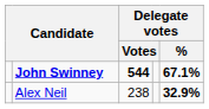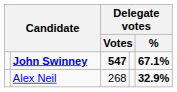 <table class=wikitable style="font-size:95%;">
 <tr>
 <th colspan="2" scope="col" rowspan="2" width="125">Candidate</th>
 <th scope="col" colspan="3" width="75">Delegate votes</th>
 </tr>
 <tr>
 <th scope="col" colspan="2">Votes</th>
 <th>%</th>
 </tr>
 <tr align="right">
 <td style="background-color: "></td>
 <td scope="row" align="left"><strong><a href='#'>John Swinney</a></strong> </td>
-<td><strong>544</strong></td>
+<td><strong>547</strong></td>
 <td align=center></td>
 <td><strong>67.1%</strong></td>
 </tr>
 <tr align="right">
 <td style="background-color: "></td>
 <td scope="row" align="left"><a href='#'>Alex Neil</a></td>
-<td>238</td>
+<td>268</td>
 <td align=center></td>
 <td><strong>32.9%</strong></td>
 </tr>
 </table>
